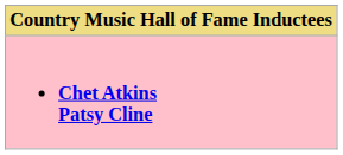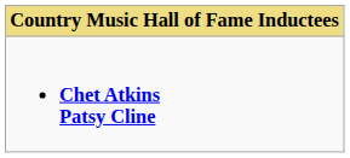 <table class="wikitable">
 <tr>
 <th style="background:#EEDD82; width=50%">Country Music Hall of Fame Inductees</th>
 </tr>
 <tr>
-<td valign="top" style="background: pink;"><br><ul><li><strong><a href='#'>Chet Atkins</a></strong><br><strong><a href='#'>Patsy Cline</a></strong></li></ul></td>
+<td valign="top"><br><ul><li><strong><a href='#'>Chet Atkins</a></strong><br><strong><a href='#'>Patsy Cline</a></strong></li></ul></td>
 </tr>
 </table>
